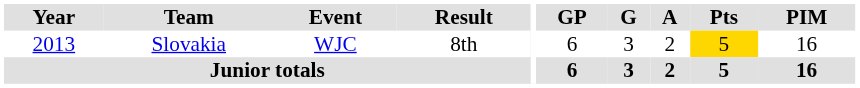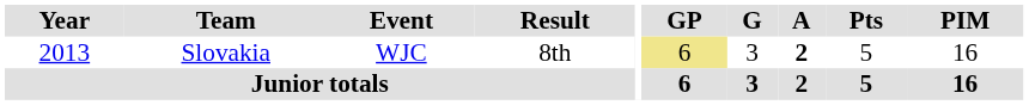 <table border="0" cellpadding="1" cellspacing="0" ID="Table3" style="text-align:center; width:40em">
 <tr ALIGN="center" bgcolor="#e0e0e0">
 <th>Year</th>
 <th>Team</th>
 <th>Event</th>
 <th>Result</th>
 <th rowspan="99" bgcolor="#ffffff"></th>
 <th>GP</th>
 <th>G</th>
 <th>A</th>
 <th>Pts</th>
 <th>PIM</th>
 </tr>
 <tr>
 <td><a href='#'>2013</a></td>
 <td><a href='#'>Slovakia</a></td>
 <td><a href='#'>WJC</a></td>
 <td>8th</td>
-<td>6</td>
+<td style="background: khaki;">6</td>
 <td>3</td>
-<td>2</td>
-<td style="background: gold;">5</td>
+<td><strong>2</strong></td>
+<td>5</td>
 <td>16</td>
 </tr>
 <tr bgcolor="#e0e0e0">
 <th colspan="4">Junior totals</th>
 <th>6</th>
 <th>3</th>
 <th>2</th>
 <th>5</th>
 <th>16</th>
 </tr>
 </table>
